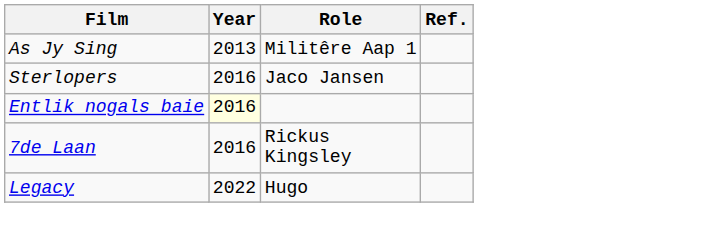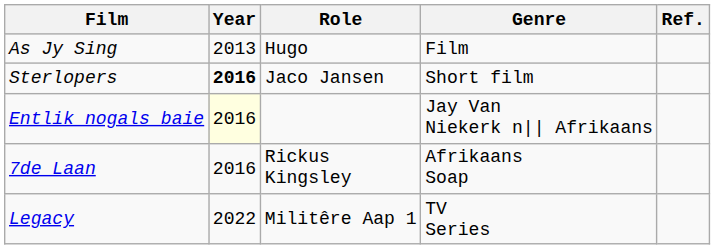 <table class="wikitable">
 <tr>
 <th>Film</th>
 <th>Year</th>
 <th>Role</th>
+<th>Genre</th>
 <th>Ref.</th>
 </tr>
 <tr>
 <td><em>As Jy Sing</em></td>
 <td>2013</td>
-<td>Militêre Aap 1</td>
+<td>Hugo</td>
+<td>Film</td>
 <td></td>
 </tr>
 <tr>
 <td><em>Sterlopers</em></td>
-<td>2016</td>
+<td><strong>2016</strong></td>
 <td>Jaco Jansen</td>
+<td>Short film</td>
 <td></td>
 </tr>
 <tr>
 <td><em><a href='#'>Entlik nogals baie</a></em></td>
 <td style="background: lightyellow;">2016</td>
 <td></td>
+<td>Jay Van<br>Niekerk n|| Afrikaans</td>
 <td></td>
 </tr>
 <tr>
 <td><em><a href='#'>7de Laan</a></em></td>
 <td>2016</td>
 <td>Rickus<br>Kingsley</td>
+<td>Afrikaans<br>Soap</td>
 <td></td>
 </tr>
 <tr>
 <td><em><a href='#'>Legacy</a></em></td>
 <td>2022</td>
-<td>Hugo</td>
+<td>Militêre Aap 1</td>
+<td>TV<br>Series</td>
 <td></td>
 </tr>
 </table>
